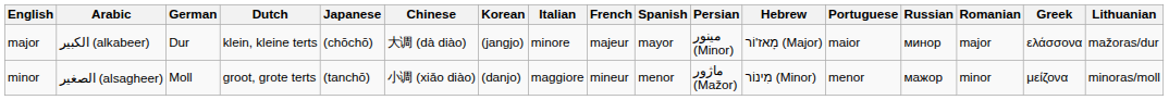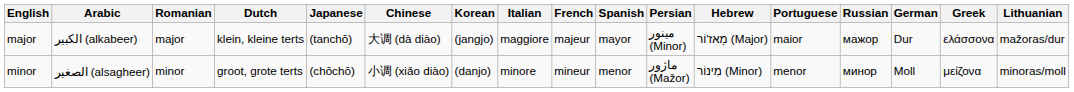 <table class="wikitable">
 <tr>
 <th>English</th>
 <th>Arabic</th>
-<th>German</th>
+<th>Romanian</th>
 <th>Dutch</th>
 <th>Japanese</th>
 <th>Chinese</th>
 <th>Korean</th>
 <th>Italian</th>
 <th>French</th>
 <th>Spanish</th>
 <th>Persian</th>
 <th>Hebrew</th>
 <th>Portuguese</th>
 <th>Russian</th>
-<th>Romanian</th>
+<th>German</th>
 <th>Greek</th>
 <th>Lithuanian</th>
 </tr>
 <tr>
 <td>major</td>
 <td>الكبير (alkabeer)</td>
-<td>Dur</td>
+<td>major</td>
 <td>klein, kleine terts</td>
-<td> (chōchō)</td>
+<td> (tanchō)</td>
 <td>大调 (dà diào)</td>
 <td> (jangjo)</td>
-<td>minore</td>
+<td>maggiore</td>
 <td>majeur</td>
 <td>mayor</td>
 <td>مینور<br>(Minor)</td>
 <td>מָאז'וֹר (Major)</td>
 <td>maior</td>
-<td>минор</td>
-<td>major</td>
+<td>мажор</td>
+<td>Dur</td>
 <td>ελάσσονα</td>
 <td>mažoras/dur</td>
 </tr>
 <tr>
 <td>minor</td>
 <td>الصغير (alsagheer)</td>
-<td>Moll</td>
+<td>minor</td>
 <td>groot, grote terts</td>
-<td> (tanchō)</td>
+<td> (chōchō)</td>
 <td>小调 (xiǎo diào)</td>
 <td> (danjo)</td>
-<td>maggiore</td>
+<td>minore</td>
 <td>mineur</td>
 <td>menor</td>
 <td>ماژور<br>(Mažor)</td>
 <td>מִינוֹר (Minor)</td>
 <td>menor</td>
-<td>мажор</td>
-<td>minor</td>
+<td>минор</td>
+<td>Moll</td>
 <td>μείζονα</td>
 <td>minoras/moll</td>
 </tr>
 </table>
